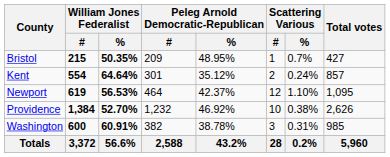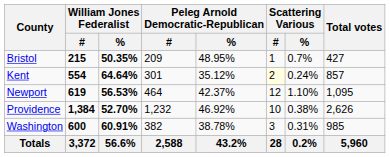 <table class="wikitable sortable">
 <tr>
 <th rowspan="2" scope="col">County</th>
 <th colspan="2" scope="col">William Jones<br>Federalist</th>
 <th colspan="2" scope="col">Peleg Arnold<br>Democratic-Republican</th>
 <th colspan="2" scope="col">Scattering<br>Various</th>
 <th rowspan="2" scope="col">Total votes</th>
 </tr>
 <tr>
 <th>#</th>
 <th>%</th>
 <th>#</th>
 <th>%</th>
 <th>#</th>
 <th>%</th>
 </tr>
 <tr>
 <td><a href='#'>Bristol</a></td>
 <td><strong>215</strong></td>
 <td><strong>50.35%</strong></td>
 <td>209</td>
 <td>48.95%</td>
 <td>1</td>
 <td>0.7%</td>
 <td>427</td>
 </tr>
 <tr>
 <td><a href='#'>Kent</a></td>
 <td><strong>554</strong></td>
 <td><strong>64.64%</strong></td>
 <td>301</td>
 <td>35.12%</td>
-<td>2</td>
+<td style="background: lightyellow;">2</td>
 <td>0.24%</td>
 <td>857</td>
 </tr>
 <tr>
 <td><a href='#'>Newport</a></td>
 <td><strong>619</strong></td>
 <td><strong>56.53%</strong></td>
 <td>464</td>
 <td>42.37%</td>
 <td>12</td>
 <td>1.10%</td>
 <td>1,095</td>
 </tr>
 <tr>
 <td><a href='#'>Providence</a></td>
 <td><strong>1,384</strong></td>
 <td><strong>52.70%</strong></td>
 <td>1,232</td>
 <td>46.92%</td>
 <td>10</td>
 <td>0.38%</td>
 <td>2,626</td>
 </tr>
 <tr>
 <td><a href='#'>Washington</a></td>
 <td><strong>600</strong></td>
 <td><strong>60.91%</strong></td>
 <td>382</td>
 <td>38.78%</td>
 <td>3</td>
 <td>0.31%</td>
 <td>985</td>
 </tr>
 <tr>
 <th>Totals</th>
 <th>3,372</th>
 <th>56.6%</th>
 <th>2,588</th>
 <th>43.2%</th>
 <th>28</th>
 <th>0.2%</th>
 <th>5,960</th>
 </tr>
 </table>
